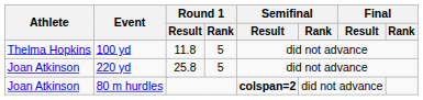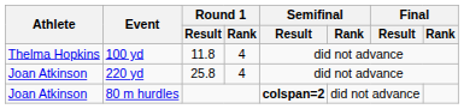 <table class=wikitable style=font-size:90%>
 <tr>
 <th rowspan=2>Athlete</th>
 <th rowspan=2>Event</th>
 <th colspan=2>Round 1</th>
 <th colspan=2>Semifinal</th>
 <th colspan=2>Final</th>
 </tr>
 <tr style=font-size:95%>
 <th>Result</th>
 <th>Rank</th>
 <th>Result</th>
 <th>Rank</th>
 <th>Result</th>
 <th>Rank</th>
 </tr>
 <tr align=center>
 <td align=left><a href='#'>Thelma Hopkins</a></td>
 <td align=left><a href='#'>100 yd</a></td>
 <td>11.8</td>
-<td>5</td>
+<td>4</td>
 <td colspan=4>did not advance</td>
 </tr>
 <tr align=center>
 <td align=left><a href='#'>Joan Atkinson</a></td>
 <td align=left><a href='#'>220 yd</a></td>
 <td>25.8</td>
-<td>5</td>
+<td>4</td>
 <td colspan=4>did not advance</td>
 </tr>
 <tr align=center>
 <td align=left><a href='#'>Joan Atkinson</a></td>
 <td align=left><a href='#'>80 m hurdles</a></td>
 <td colspan=2></td>
 <td><strong>colspan=2 </strong></td>
 <td colspan=2>did not advance</td>
 </tr>
 </table>
